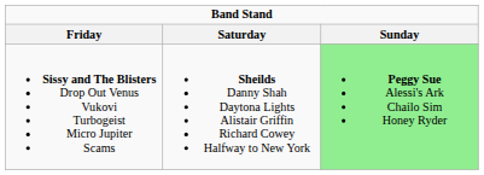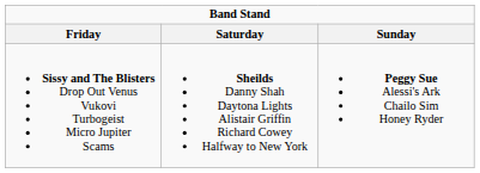 <table class="wikitable">
 <tr>
 <td colspan="3" style="text-align:center;"><strong>Band Stand</strong></td>
 </tr>
 <tr>
 <th>Friday</th>
 <th>Saturday</th>
 <th>Sunday</th>
 </tr>
 <tr>
 <td style="text-align:center; vertical-align:top; width:200px;"><br><ul><li><strong>Sissy and The Blisters</strong></li><li>Drop Out Venus</li><li>Vukovi</li><li>Turbogeist</li><li>Micro Jupiter</li><li>Scams</li></ul></td>
 <td style="text-align:center; vertical-align:top; width:200px;"><br><ul><li><strong>Sheilds</strong></li><li>Danny Shah</li><li>Daytona Lights</li><li>Alistair Griffin</li><li>Richard Cowey</li><li>Halfway to New York</li></ul></td>
-<td style="background: lightgreen; text-align:center; vertical-align:top; width:200px;"><br><ul><li><strong>Peggy Sue</strong></li><li>Alessi's Ark</li><li>Chailo Sim</li><li>Honey Ryder</li></ul></td>
+<td style="text-align:center; vertical-align:top; width:200px;"><br><ul><li><strong>Peggy Sue</strong></li><li>Alessi's Ark</li><li>Chailo Sim</li><li>Honey Ryder</li></ul></td>
 </tr>
 </table>
